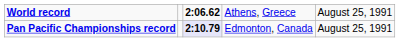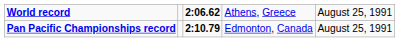 <table class="wikitable">
 <tr>
 <td><strong><a href='#'>World record</a></strong></td>
 <td></td>
 <td><strong>2:06.62</strong></td>
 <td><a href='#'>Athens</a>, <a href='#'>Greece</a></td>
 <td>August 25, 1991</td>
 </tr>
 <tr>
 <td><strong><a href='#'>Pan Pacific Championships record</a></strong></td>
 <td></td>
-<td style="background: lavender;"><strong>2:10.79</strong></td>
+<td><strong>2:10.79</strong></td>
 <td><a href='#'>Edmonton</a>, <a href='#'>Canada</a></td>
 <td>August 25, 1991</td>
 </tr>
 </table>
